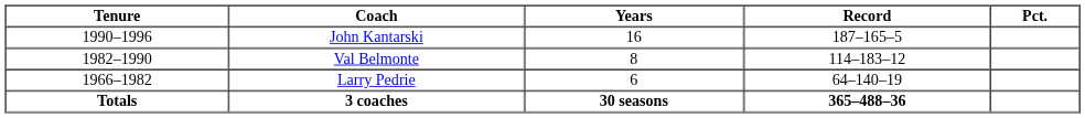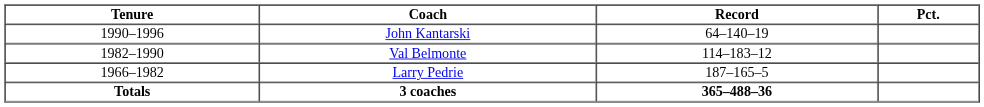 <table cellpadding="1" border="1" cellspacing="0" width="70%">
 <tr>
 <th>Tenure</th>
 <th>Coach</th>
-<th>Years</th>
 <th>Record</th>
 <th>Pct.</th>
 </tr>
 <tr align="center">
 <td>1990–1996</td>
 <td><a href='#'>John Kantarski</a></td>
-<td>16</td>
-<td>187–165–5</td>
+<td>64–140–19</td>
 <td></td>
 </tr>
 <tr align="center">
 <td>1982–1990</td>
 <td><a href='#'>Val Belmonte</a></td>
-<td>8</td>
 <td>114–183–12</td>
 <td></td>
 </tr>
 <tr align="center">
 <td>1966–1982</td>
 <td><a href='#'>Larry Pedrie</a></td>
-<td>6</td>
-<td>64–140–19</td>
+<td>187–165–5</td>
 <td></td>
 </tr>
 <tr align="center">
 <th>Totals</th>
 <th>3 coaches</th>
-<th>30 seasons</th>
 <th>365–488–36</th>
 <th></th>
 </tr>
 </table>
